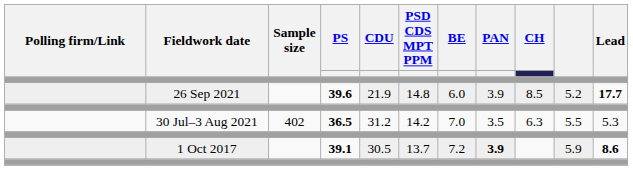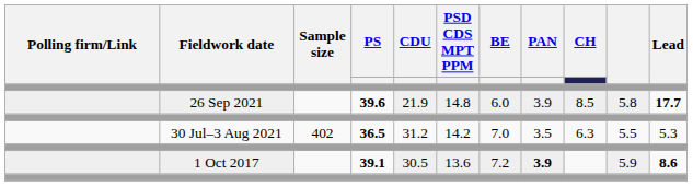 <table class="wikitable sortable mw-datatable" style="text-align:center;font-size:90%;line-height:16px;">
 <tr style="height:42px;">
 <th style="width:145px;" rowspan="2">Polling firm/Link</th>
 <th style="width:125px;" rowspan="2">Fieldwork date</th>
 <th class="unsortable" style="width:50px;" rowspan="2">Sample size</th>
 <th class="unsortable" style="width:35px;"><a href='#'>PS</a></th>
 <th class="unsortable" style="width:35px;"><a href='#'>CDU</a></th>
 <th class="unsortable" style="width:35px;"><a href='#'>PSD</a><br><a href='#'>CDS</a><br><a href='#'>MPT</a><br><a href='#'>PPM</a></th>
 <th class="unsortable" style="width:35px;"><a href='#'>BE</a></th>
 <th class="unsortable" style="width:35px;"><a href='#'>PAN</a></th>
 <th class="unsortable" style="width:35px;"><a href='#'>CH</a></th>
 <th class="unsortable" style="width:35px;" rowspan="2"></th>
 <th class="unsortable" style="width:30px;" rowspan="2">Lead</th>
 </tr>
 <tr>
 <th class="unsortable" style="color:inherit;background:"></th>
 <th class="unsortable" style="color:inherit;background:"></th>
 <th class="unsortable" style="color:inherit;background:"></th>
 <th class="unsortable" style="color:inherit;background:"></th>
 <th class="sortable" style="background:"></th>
 <th class="sortable" style="background:#202056;"></th>
 </tr>
 <tr>
 <td colspan="13" style="background:#A0A0A0"></td>
 </tr>
 <tr>
 <td style="background:#EFEFEF;"><strong></strong></td>
 <td style="background:#EFEFEF;" data-sort-value="2019-10-06">26 Sep 2021</td>
 <td></td>
 <td><strong>39.6</strong><br></td>
 <td style="background:#EFEFEF;">21.9<br></td>
 <td style="background:#EFEFEF;">14.8<br></td>
 <td style="background:#EFEFEF;">6.0<br></td>
 <td style="background:#EFEFEF;">3.9<br></td>
 <td style="background:#EFEFEF;">8.5<br></td>
-<td style="background:#EFEFEF;">5.2</td>
+<td style="background:#EFEFEF;">5.8</td>
 <td style="background:"><strong>17.7</strong></td>
 </tr>
 <tr>
 <td colspan="13" style="background:#A0A0A0"></td>
 </tr>
 <tr>
 <td align="center"><br></td>
 <td align="center">30 Jul–3 Aug 2021</td>
 <td>402</td>
 <td align="center" ><strong>36.5</strong><br></td>
 <td align="center">31.2<br></td>
 <td align="center">14.2<br></td>
 <td align="center">7.0<br></td>
 <td align="center">3.5<br></td>
 <td align="center">6.3<br></td>
 <td align="center">5.5<br></td>
 <td style="background:">5.3</td>
 </tr>
 <tr>
 <td colspan="13" style="background:#A0A0A0"></td>
 </tr>
 <tr>
 <td style="background:#EFEFEF;"><strong></strong></td>
 <td style="background:#EFEFEF;" data-sort-value="2019-10-06">1 Oct 2017</td>
 <td></td>
 <td><strong>39.1</strong><br></td>
 <td style="background:#EFEFEF;">30.5<br></td>
-<td style="background:#EFEFEF;">13.7<br></td>
+<td style="background:#EFEFEF;">13.6<br></td>
 <td style="background:#EFEFEF;">7.2<br></td>
 <td style="background:#EFEFEF;"><strong>3.9<br></strong></td>
 <td></td>
 <td style="background:#EFEFEF;">5.9<br></td>
 <td style="background:"><strong>8.6</strong></td>
 </tr>
 <tr>
 <td colspan="13" style="background:#A0A0A0"></td>
 </tr>
 </table>
